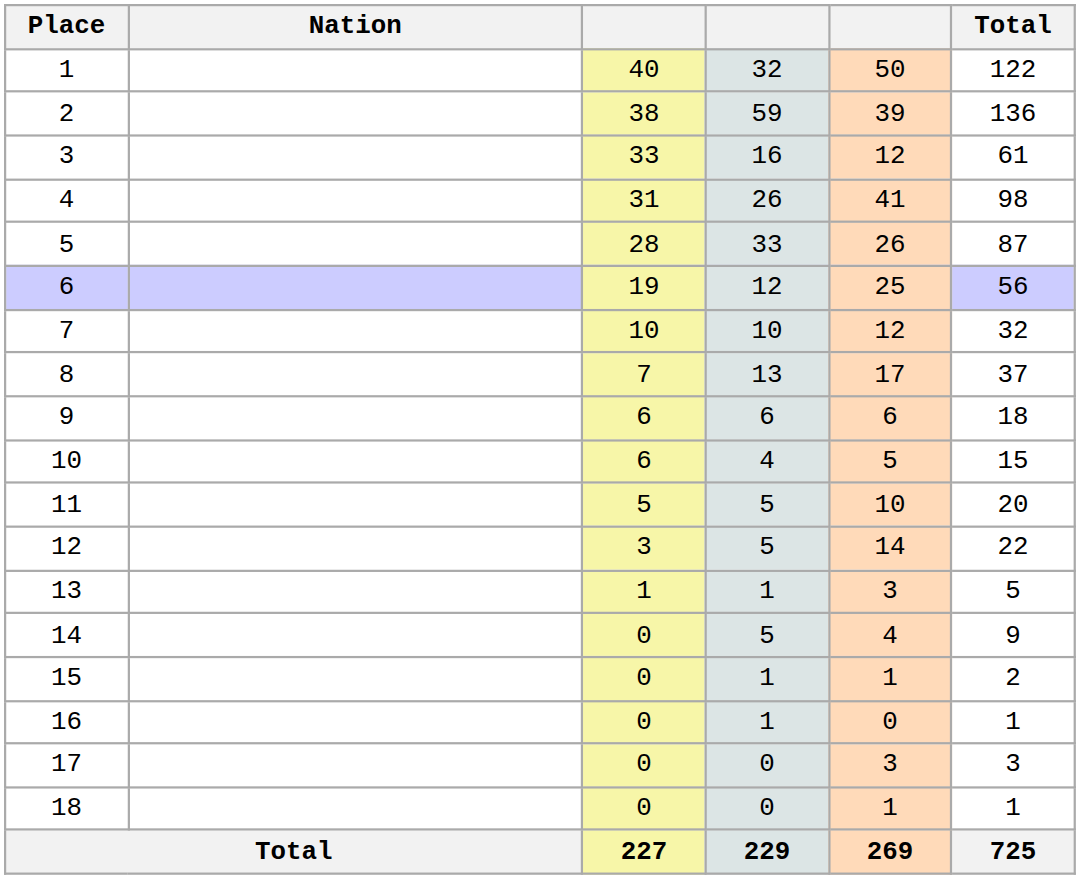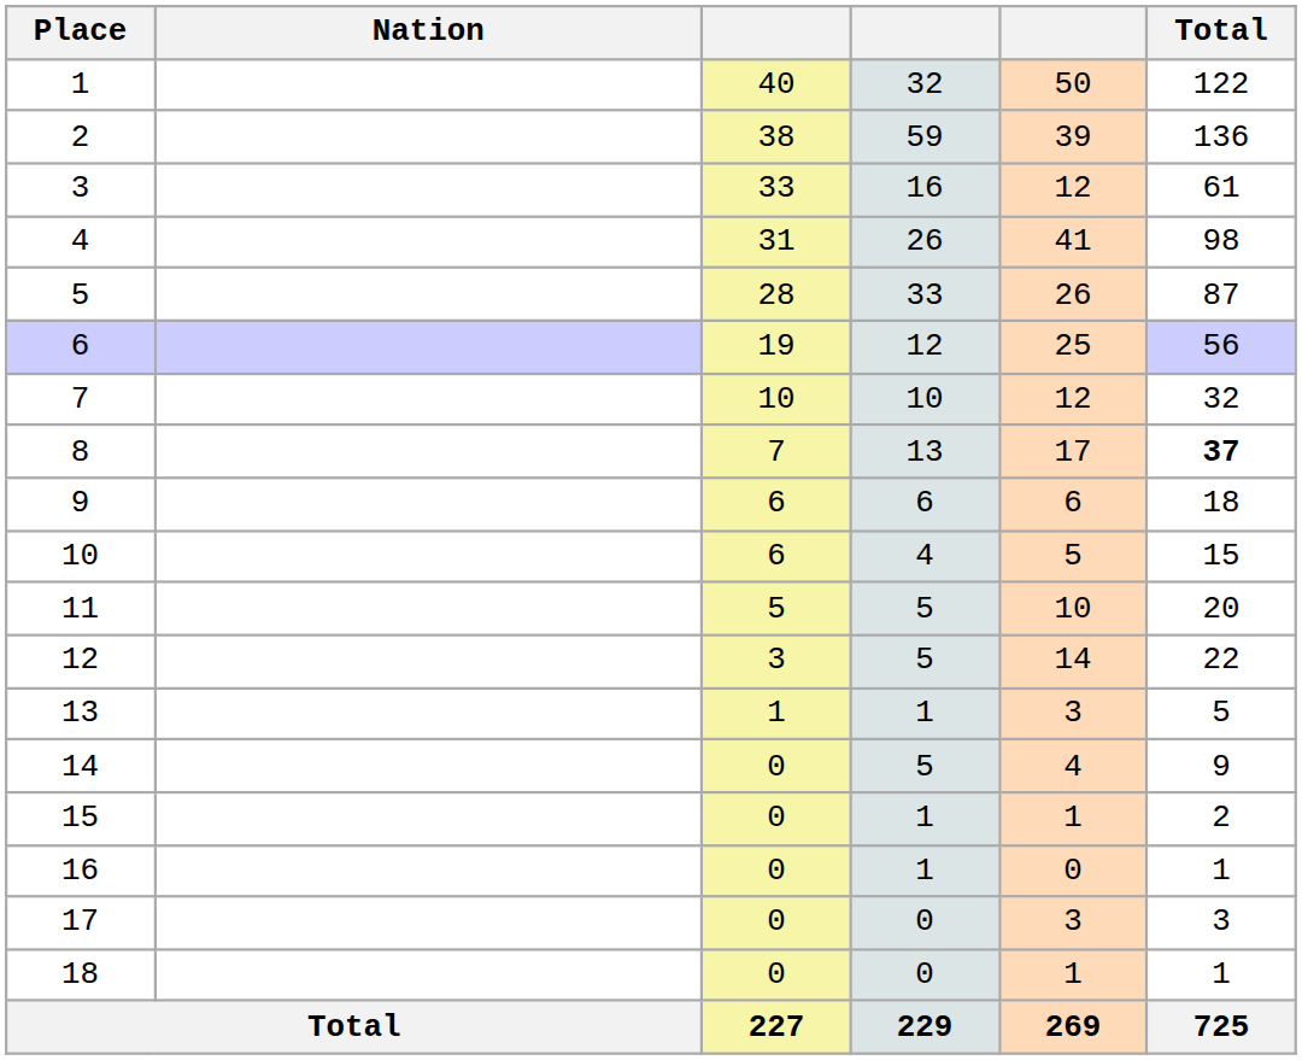 <table class="wikitable sortable" style="border:1px solid #AAAAAA;font-size:90%">
 <tr bgcolor="#EFEFEF">
 <th width=50>Place</th>
 <th width=200>Nation</th>
 <th width=50></th>
 <th width=50></th>
 <th width=50></th>
 <th width=50>Total</th>
 </tr>
 <tr align="center" valign="top" bgcolor="#FFFFFF">
 <td>1</td>
 <td align="left"></td>
 <td style="background:#F7F6A8;">40</td>
 <td style="background:#DCE5E5;">32</td>
 <td style="background:#FFDAB9;">50</td>
 <td>122</td>
 </tr>
 <tr align="center" valign="top" bgcolor="#FFFFFF">
 <td>2</td>
 <td align="left"></td>
 <td style="background:#F7F6A8;">38</td>
 <td style="background:#DCE5E5;">59</td>
 <td style="background:#FFDAB9;">39</td>
 <td>136</td>
 </tr>
 <tr align="center" valign="top" bgcolor="#FFFFFF">
 <td>3</td>
 <td align="left"></td>
 <td style="background:#F7F6A8;">33</td>
 <td style="background:#DCE5E5;">16</td>
 <td style="background:#FFDAB9;">12</td>
 <td>61</td>
 </tr>
 <tr align="center" valign="top" bgcolor="#FFFFFF">
 <td>4</td>
 <td align="left"></td>
 <td style="background:#F7F6A8;">31</td>
 <td style="background:#DCE5E5;">26</td>
 <td style="background:#FFDAB9;">41</td>
 <td>98</td>
 </tr>
 <tr align="center" valign="top" bgcolor="#FFFFFF">
 <td>5</td>
 <td align="left"></td>
 <td style="background:#F7F6A8;">28</td>
 <td style="background:#DCE5E5;">33</td>
 <td style="background:#FFDAB9;">26</td>
 <td>87</td>
 </tr>
 <tr style="background:#ccccff" align="center" valign="top" bgcolor="#FFFFFF">
 <td>6</td>
 <td align="left"><strong></strong></td>
 <td style="background:#F7F6A8;">19</td>
 <td style="background:#DCE5E5;">12</td>
 <td style="background:#FFDAB9;">25</td>
 <td>56</td>
 </tr>
 <tr align="center" valign="top" bgcolor="#FFFFFF">
 <td>7</td>
 <td align="left"></td>
 <td style="background:#F7F6A8;">10</td>
 <td style="background:#DCE5E5;">10</td>
 <td style="background:#FFDAB9;">12</td>
 <td>32</td>
 </tr>
 <tr align="center" valign="top" bgcolor="#FFFFFF">
 <td>8</td>
 <td align="left"></td>
 <td style="background:#F7F6A8;">7</td>
 <td style="background:#DCE5E5;">13</td>
 <td style="background:#FFDAB9;">17</td>
-<td>37</td>
+<td><strong>37</strong></td>
 </tr>
 <tr align="center" valign="top" bgcolor="#FFFFFF">
 <td>9</td>
 <td align="left"></td>
 <td style="background:#F7F6A8;">6</td>
 <td style="background:#DCE5E5;">6</td>
 <td style="background:#FFDAB9;">6</td>
 <td>18</td>
 </tr>
 <tr align="center" valign="top" bgcolor="#FFFFFF">
 <td>10</td>
 <td align="left"></td>
 <td style="background:#F7F6A8;">6</td>
 <td style="background:#DCE5E5;">4</td>
 <td style="background:#FFDAB9;">5</td>
 <td>15</td>
 </tr>
 <tr align="center" valign="top" bgcolor="#FFFFFF">
 <td>11</td>
 <td align="left"></td>
 <td style="background:#F7F6A8;">5</td>
 <td style="background:#DCE5E5;">5</td>
 <td style="background:#FFDAB9;">10</td>
 <td>20</td>
 </tr>
 <tr align="center" valign="top" bgcolor="#FFFFFF">
 <td>12</td>
 <td align="left"></td>
 <td style="background:#F7F6A8;">3</td>
 <td style="background:#DCE5E5;">5</td>
 <td style="background:#FFDAB9;">14</td>
 <td>22</td>
 </tr>
 <tr align="center" valign="top" bgcolor="#FFFFFF">
 <td>13</td>
 <td align="left"></td>
 <td style="background:#F7F6A8;">1</td>
 <td style="background:#DCE5E5;">1</td>
 <td style="background:#FFDAB9;">3</td>
 <td>5</td>
 </tr>
 <tr align="center" valign="top" bgcolor="#FFFFFF">
 <td>14</td>
 <td align="left"></td>
 <td style="background:#F7F6A8;">0</td>
 <td style="background:#DCE5E5;">5</td>
 <td style="background:#FFDAB9;">4</td>
 <td>9</td>
 </tr>
 <tr align="center" valign="top" bgcolor="#FFFFFF">
 <td>15</td>
 <td align="left"></td>
 <td style="background:#F7F6A8;">0</td>
 <td style="background:#DCE5E5;">1</td>
 <td style="background:#FFDAB9;">1</td>
 <td>2</td>
 </tr>
 <tr align="center" valign="top" bgcolor="#FFFFFF">
 <td>16</td>
 <td align="left"></td>
 <td style="background:#F7F6A8;">0</td>
 <td style="background:#DCE5E5;">1</td>
 <td style="background:#FFDAB9;">0</td>
 <td>1</td>
 </tr>
 <tr align="center" valign="top" bgcolor="#FFFFFF">
 <td>17</td>
 <td align="left"></td>
 <td style="background:#F7F6A8;">0</td>
 <td style="background:#DCE5E5;">0</td>
 <td style="background:#FFDAB9;">3</td>
 <td>3</td>
 </tr>
 <tr align="center" valign="top" bgcolor="#FFFFFF">
 <td>18</td>
 <td align="left"></td>
 <td style="background:#F7F6A8;">0</td>
 <td style="background:#DCE5E5;">0</td>
 <td style="background:#FFDAB9;">1</td>
 <td>1</td>
 </tr>
 <tr align="center" class="sortbottom">
 <th colspan="2">Total</th>
 <td style="background:#F7F6A8;"><strong>227</strong></td>
 <td style="background:#DCE5E5;"><strong>229</strong></td>
 <td style="background:#FFDAB9;"><strong>269</strong></td>
 <th>725</th>
 </tr>
 </table>
